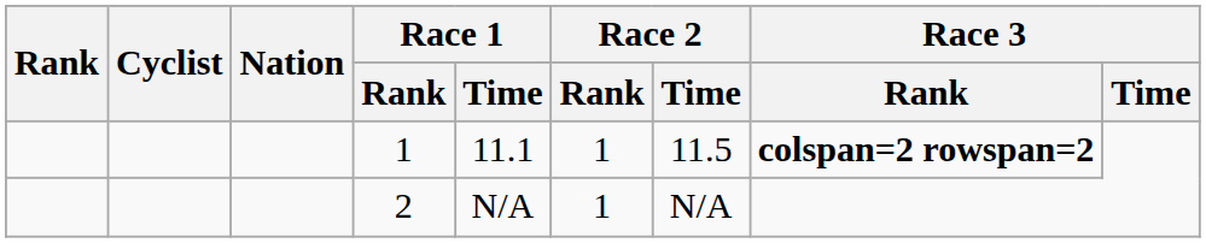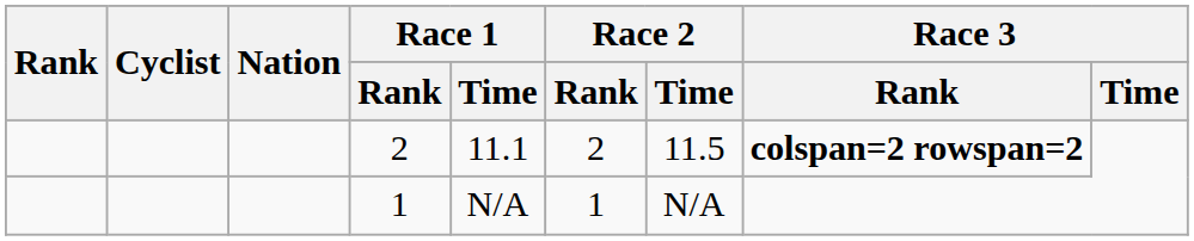 <table class="wikitable sortable" style="text-align:center">
 <tr>
 <th rowspan=2>Rank</th>
 <th rowspan=2>Cyclist</th>
 <th rowspan=2>Nation</th>
 <th colspan=2>Race 1</th>
 <th colspan=2>Race 2</th>
 <th colspan=2>Race 3</th>
 </tr>
 <tr>
 <th>Rank</th>
 <th>Time</th>
 <th>Rank</th>
 <th>Time</th>
 <th>Rank</th>
 <th>Time</th>
 </tr>
 <tr>
 <td></td>
 <td align=left></td>
 <td align=left></td>
-<td>1</td>
+<td>2</td>
 <td>11.1</td>
-<td>1</td>
+<td>2</td>
 <td>11.5</td>
 <td><strong>colspan=2 rowspan=2 </strong></td>
 </tr>
 <tr>
 <td></td>
 <td align=left></td>
 <td align=left></td>
-<td>2</td>
+<td>1</td>
 <td>N/A</td>
 <td>1</td>
 <td>N/A</td>
 </tr>
 </table>
